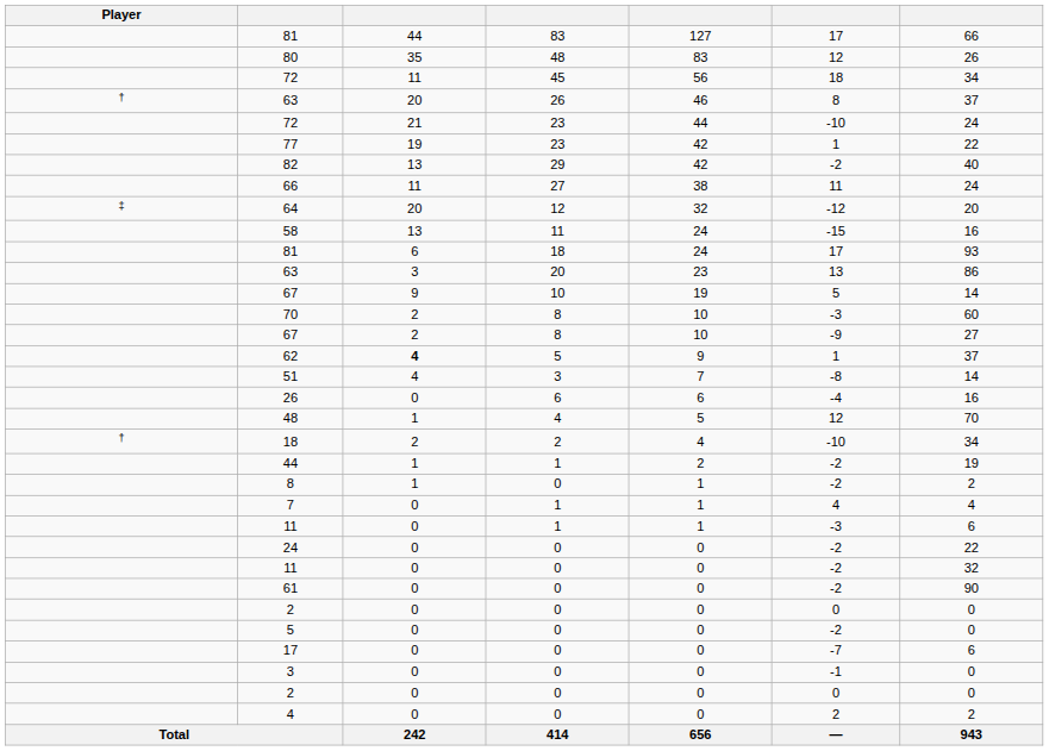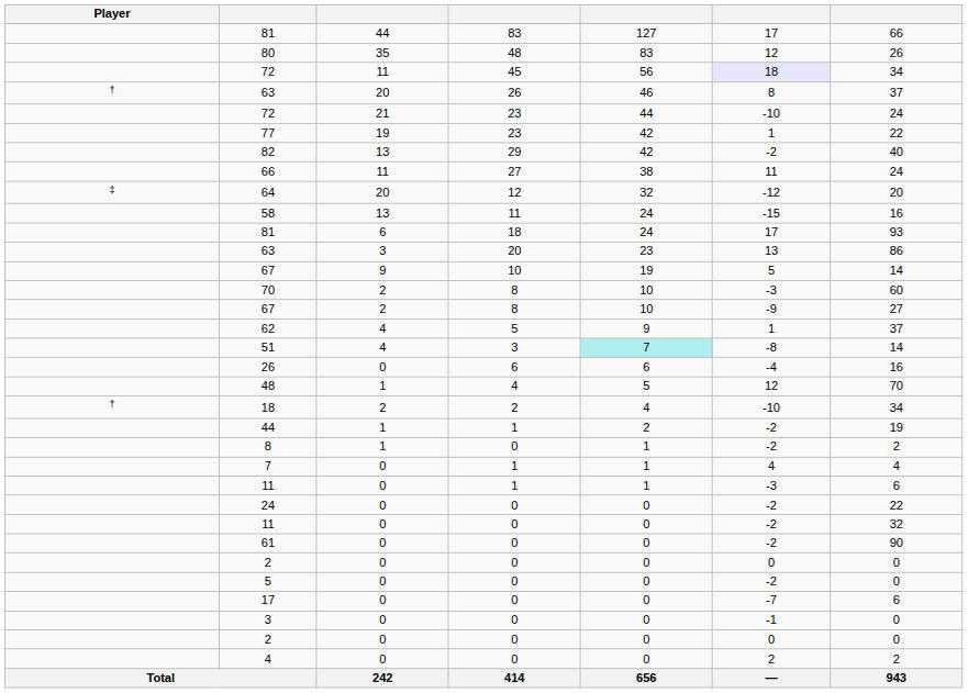 <table class="wikitable sortable" style="width:100%; text-align:center;">
 <tr align=center>
 <th>Player</th>
 <th></th>
 <th></th>
 <th></th>
 <th></th>
 <th data-sort-type="number"></th>
 <th></th>
 </tr>
 <tr>
 <td></td>
 <td>81</td>
 <td>44</td>
 <td>83</td>
 <td>127</td>
 <td>17</td>
 <td>66</td>
 </tr>
 <tr>
 <td></td>
 <td>80</td>
 <td>35</td>
 <td>48</td>
 <td>83</td>
 <td>12</td>
 <td>26</td>
 </tr>
 <tr>
 <td></td>
 <td>72</td>
 <td>11</td>
 <td>45</td>
 <td>56</td>
-<td>18</td>
+<td style="background: lavender;">18</td>
 <td>34</td>
 </tr>
 <tr>
 <td><sup>†</sup></td>
 <td>63</td>
 <td>20</td>
 <td>26</td>
 <td>46</td>
 <td>8</td>
 <td>37</td>
 </tr>
 <tr>
 <td></td>
 <td>72</td>
 <td>21</td>
 <td>23</td>
 <td>44</td>
 <td>-10</td>
 <td>24</td>
 </tr>
 <tr>
 <td></td>
 <td>77</td>
 <td>19</td>
 <td>23</td>
 <td>42</td>
 <td>1</td>
 <td>22</td>
 </tr>
 <tr>
 <td></td>
 <td>82</td>
 <td>13</td>
 <td>29</td>
 <td>42</td>
 <td>-2</td>
 <td>40</td>
 </tr>
 <tr>
 <td></td>
 <td>66</td>
 <td>11</td>
 <td>27</td>
 <td>38</td>
 <td>11</td>
 <td>24</td>
 </tr>
 <tr>
 <td><sup>‡</sup></td>
 <td>64</td>
 <td>20</td>
 <td>12</td>
 <td>32</td>
 <td>-12</td>
 <td>20</td>
 </tr>
 <tr>
 <td></td>
 <td>58</td>
 <td>13</td>
 <td>11</td>
 <td>24</td>
 <td>-15</td>
 <td>16</td>
 </tr>
 <tr>
 <td></td>
 <td>81</td>
 <td>6</td>
 <td>18</td>
 <td>24</td>
 <td>17</td>
 <td>93</td>
 </tr>
 <tr>
 <td></td>
 <td>63</td>
 <td>3</td>
 <td>20</td>
 <td>23</td>
 <td>13</td>
 <td>86</td>
 </tr>
 <tr>
 <td></td>
 <td>67</td>
 <td>9</td>
 <td>10</td>
 <td>19</td>
 <td>5</td>
 <td>14</td>
 </tr>
 <tr>
 <td></td>
 <td>70</td>
 <td>2</td>
 <td>8</td>
 <td>10</td>
 <td>-3</td>
 <td>60</td>
 </tr>
 <tr>
 <td></td>
 <td>67</td>
 <td>2</td>
 <td>8</td>
 <td>10</td>
 <td>-9</td>
 <td>27</td>
 </tr>
 <tr>
 <td></td>
 <td>62</td>
-<td><strong>4</strong></td>
+<td>4</td>
 <td>5</td>
 <td>9</td>
 <td>1</td>
 <td>37</td>
 </tr>
 <tr>
 <td></td>
 <td>51</td>
 <td>4</td>
 <td>3</td>
-<td>7</td>
+<td style="background: paleturquoise;">7</td>
 <td>-8</td>
 <td>14</td>
 </tr>
 <tr>
 <td></td>
 <td>26</td>
 <td>0</td>
 <td>6</td>
 <td>6</td>
 <td>-4</td>
 <td>16</td>
 </tr>
 <tr>
 <td></td>
 <td>48</td>
 <td>1</td>
 <td>4</td>
 <td>5</td>
 <td>12</td>
 <td>70</td>
 </tr>
 <tr>
 <td><sup>†</sup></td>
 <td>18</td>
 <td>2</td>
 <td>2</td>
 <td>4</td>
 <td>-10</td>
 <td>34</td>
 </tr>
 <tr>
 <td></td>
 <td>44</td>
 <td>1</td>
 <td>1</td>
 <td>2</td>
 <td>-2</td>
 <td>19</td>
 </tr>
 <tr>
 <td></td>
 <td>8</td>
 <td>1</td>
 <td>0</td>
 <td>1</td>
 <td>-2</td>
 <td>2</td>
 </tr>
 <tr>
 <td></td>
 <td>7</td>
 <td>0</td>
 <td>1</td>
 <td>1</td>
 <td>4</td>
 <td>4</td>
 </tr>
 <tr>
 <td></td>
 <td>11</td>
 <td>0</td>
 <td>1</td>
 <td>1</td>
 <td>-3</td>
 <td>6</td>
 </tr>
 <tr>
 <td></td>
 <td>24</td>
 <td>0</td>
 <td>0</td>
 <td>0</td>
 <td>-2</td>
 <td>22</td>
 </tr>
 <tr>
 <td></td>
 <td>11</td>
 <td>0</td>
 <td>0</td>
 <td>0</td>
 <td>-2</td>
 <td>32</td>
 </tr>
 <tr>
 <td></td>
 <td>61</td>
 <td>0</td>
 <td>0</td>
 <td>0</td>
 <td>-2</td>
 <td>90</td>
 </tr>
 <tr>
 <td></td>
 <td>2</td>
 <td>0</td>
 <td>0</td>
 <td>0</td>
 <td>0</td>
 <td>0</td>
 </tr>
 <tr>
 <td></td>
 <td>5</td>
 <td>0</td>
 <td>0</td>
 <td>0</td>
 <td>-2</td>
 <td>0</td>
 </tr>
 <tr>
 <td></td>
 <td>17</td>
 <td>0</td>
 <td>0</td>
 <td>0</td>
 <td>-7</td>
 <td>6</td>
 </tr>
 <tr>
 <td></td>
 <td>3</td>
 <td>0</td>
 <td>0</td>
 <td>0</td>
 <td>-1</td>
 <td>0</td>
 </tr>
 <tr>
 <td></td>
 <td>2</td>
 <td>0</td>
 <td>0</td>
 <td>0</td>
 <td>0</td>
 <td>0</td>
 </tr>
 <tr>
 <td></td>
 <td>4</td>
 <td>0</td>
 <td>0</td>
 <td>0</td>
 <td>2</td>
 <td>2</td>
 </tr>
 <tr class="sortbottom">
 <th colspan=2>Total</th>
 <th>242</th>
 <th>414</th>
 <th>656</th>
 <th>—</th>
 <th>943</th>
 </tr>
 </table>
